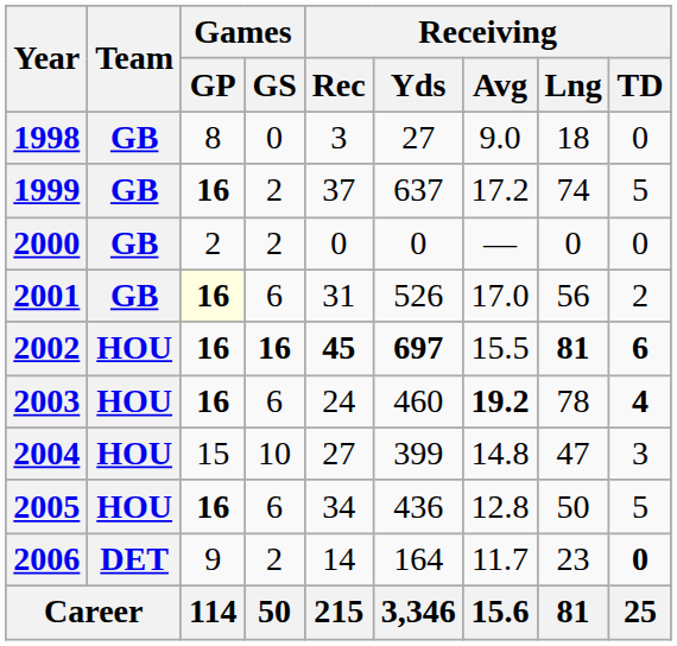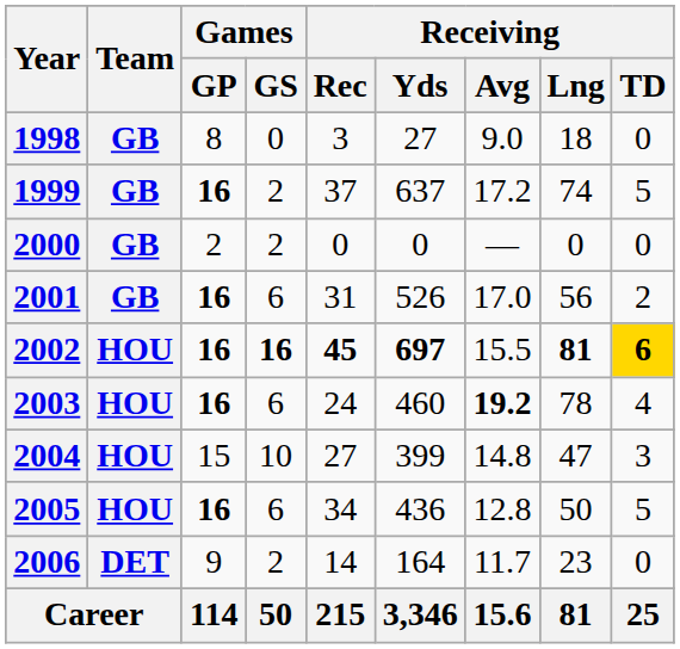 <table class="wikitable" style="text-align:center;">
 <tr>
 <th rowspan="2">Year</th>
 <th rowspan="2">Team</th>
 <th colspan="2">Games</th>
 <th colspan="5">Receiving</th>
 </tr>
 <tr>
 <th>GP</th>
 <th>GS</th>
 <th>Rec</th>
 <th>Yds</th>
 <th>Avg</th>
 <th>Lng</th>
 <th>TD</th>
 </tr>
 <tr>
 <th><a href='#'>1998</a></th>
 <th><a href='#'>GB</a></th>
 <td>8</td>
 <td>0</td>
 <td>3</td>
 <td>27</td>
 <td>9.0</td>
 <td>18</td>
 <td>0</td>
 </tr>
 <tr>
 <th><a href='#'>1999</a></th>
 <th><a href='#'>GB</a></th>
 <td><strong>16</strong></td>
 <td>2</td>
 <td>37</td>
 <td>637</td>
 <td>17.2</td>
 <td>74</td>
 <td>5</td>
 </tr>
 <tr>
 <th><a href='#'>2000</a></th>
 <th><a href='#'>GB</a></th>
 <td>2</td>
 <td>2</td>
 <td>0</td>
 <td>0</td>
 <td>—</td>
 <td>0</td>
 <td>0</td>
 </tr>
 <tr>
 <th><a href='#'>2001</a></th>
 <th><a href='#'>GB</a></th>
-<td style="background: lightyellow;"><strong>16</strong></td>
+<td><strong>16</strong></td>
 <td>6</td>
 <td>31</td>
 <td>526</td>
 <td>17.0</td>
 <td>56</td>
 <td>2</td>
 </tr>
 <tr>
 <th><a href='#'>2002</a></th>
 <th><a href='#'>HOU</a></th>
 <td><strong>16</strong></td>
 <td><strong>16</strong></td>
 <td><strong>45</strong></td>
 <td><strong>697</strong></td>
 <td>15.5</td>
 <td><strong>81</strong></td>
-<td><strong>6</strong></td>
+<td style="background: gold;"><strong>6</strong></td>
 </tr>
 <tr>
 <th><a href='#'>2003</a></th>
 <th><a href='#'>HOU</a></th>
 <td><strong>16</strong></td>
 <td>6</td>
 <td>24</td>
 <td>460</td>
 <td><strong>19.2</strong></td>
 <td>78</td>
-<td><strong>4</strong></td>
+<td>4</td>
 </tr>
 <tr>
 <th><a href='#'>2004</a></th>
 <th><a href='#'>HOU</a></th>
 <td>15</td>
 <td>10</td>
 <td>27</td>
 <td>399</td>
 <td>14.8</td>
 <td>47</td>
 <td>3</td>
 </tr>
 <tr>
 <th><a href='#'>2005</a></th>
 <th><a href='#'>HOU</a></th>
 <td><strong>16</strong></td>
 <td>6</td>
 <td>34</td>
 <td>436</td>
 <td>12.8</td>
 <td>50</td>
 <td>5</td>
 </tr>
 <tr>
 <th><a href='#'>2006</a></th>
 <th><a href='#'>DET</a></th>
 <td>9</td>
 <td>2</td>
 <td>14</td>
 <td>164</td>
 <td>11.7</td>
 <td>23</td>
-<td><strong>0</strong></td>
+<td>0</td>
 </tr>
 <tr>
 <th colspan="2">Career</th>
 <th>114</th>
 <th>50</th>
 <th>215</th>
 <th>3,346</th>
 <th>15.6</th>
 <th>81</th>
 <th>25</th>
 </tr>
 </table>
